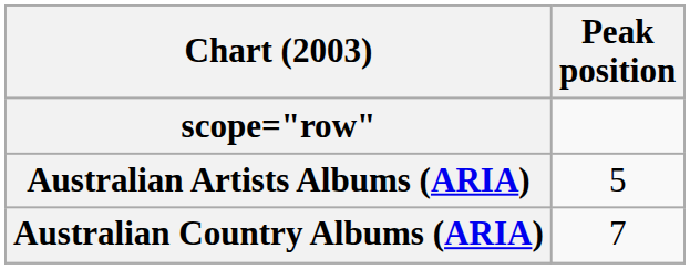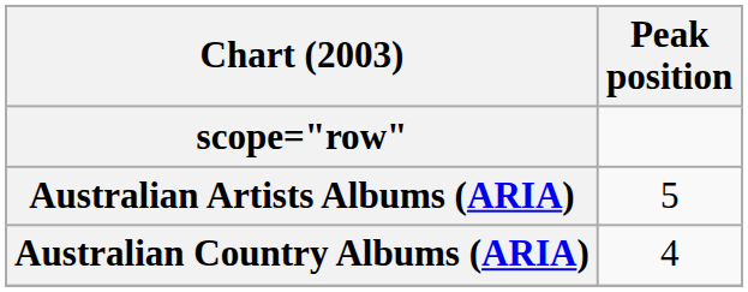 <table class="wikitable sortable plainrowheaders">
 <tr>
 <th scope="col">Chart (2003)</th>
 <th scope="col">Peak<br>position</th>
 </tr>
 <tr>
 <th>scope="row"</th>
 </tr>
 <tr>
 <th scope="row">Australian Artists Albums (<a href='#'>ARIA</a>)</th>
 <td align="center">5</td>
 </tr>
 <tr>
 <th scope="row">Australian Country Albums (<a href='#'>ARIA</a>)</th>
-<td align="center">7</td>
+<td align="center">4</td>
 </tr>
 <tr>
 </tr>
 </table>
